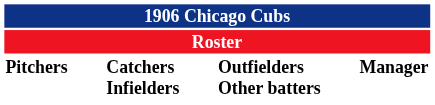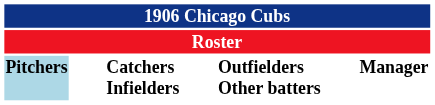 <table class="toccolours" style="font-size: 95%;">
 <tr>
 <th colspan="10" style="background-color: #0e3386; color: white; text-align: center;">1906 Chicago Cubs</th>
 </tr>
 <tr>
 <td colspan="10" style="background-color: #EE1422; color: white; text-align: center;"><strong>Roster</strong></td>
 </tr>
 <tr>
-<td valign="top"><strong>Pitchers</strong><br>        </td>
+<td valign="top" style="background: lightblue;"><strong>Pitchers</strong><br>        </td>
 <td width="25px"></td>
 <td valign="top"><strong>Catchers</strong><br>   <strong>Infielders</strong>     </td>
 <td width="25px"></td>
 <td valign="top"><strong>Outfielders</strong><br>     <strong>Other batters</strong> </td>
 <td width="25px"></td>
 <td valign="top"><strong>Manager</strong><br></td>
 </tr>
 </table>
